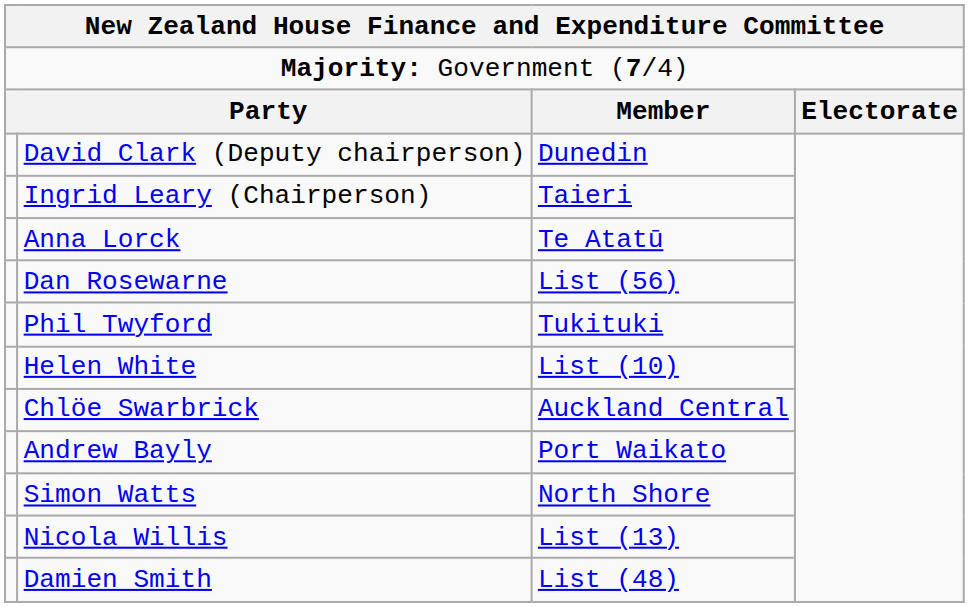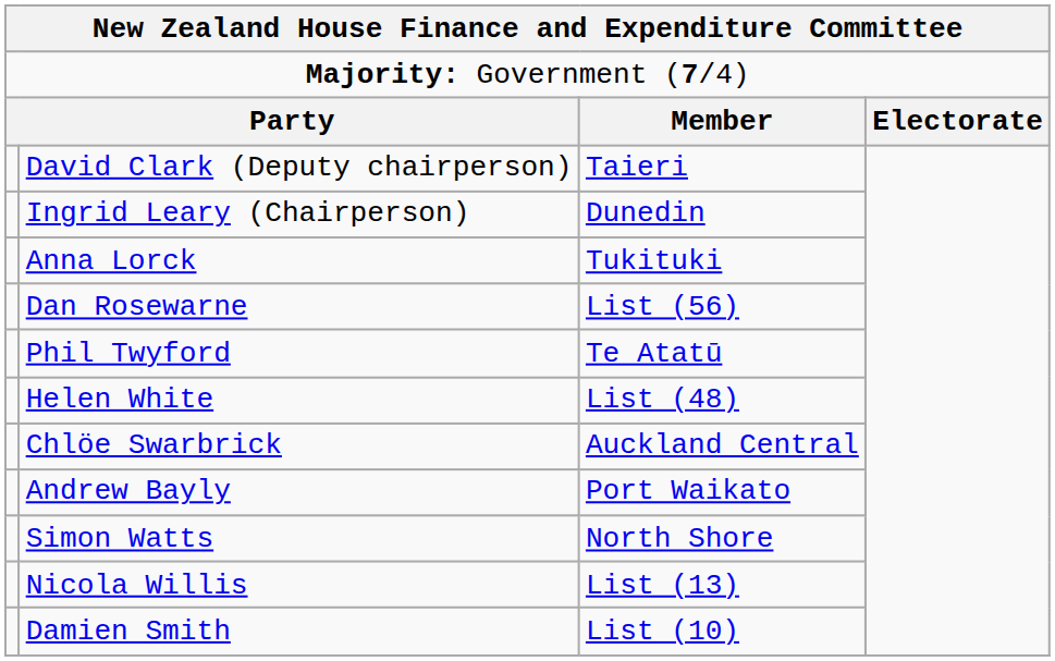 <table class="wikitable">
 <tr>
 <th colspan="4">New Zealand House Finance and Expenditure Committee</th>
 </tr>
 <tr>
 <td colspan="4" style="text-align:center; background:"><strong>Majority:</strong> Government (<strong>7</strong>/4)</td>
 </tr>
 <tr>
 <th colspan="2">Party</th>
 <th>Member</th>
 <th>Electorate</th>
 </tr>
 <tr>
 <td></td>
 <td><a href='#'>David Clark</a> (Deputy chairperson)</td>
+<td><a href='#'>Taieri</a></td>
+</tr>
+<tr>
+<td></td>
+<td><a href='#'>Ingrid Leary</a> (Chairperson)</td>
 <td><a href='#'>Dunedin</a></td>
 </tr>
 <tr>
 <td></td>
-<td><a href='#'>Ingrid Leary</a> (Chairperson)</td>
-<td><a href='#'>Taieri</a></td>
-</tr>
-<tr>
-<td></td>
 <td><a href='#'>Anna Lorck</a></td>
-<td><a href='#'>Te Atatū</a></td>
+<td><a href='#'>Tukituki</a></td>
 </tr>
 <tr>
 <td></td>
 <td><a href='#'>Dan Rosewarne</a></td>
 <td><a href='#'>List (56)</a></td>
 </tr>
 <tr>
 <td></td>
 <td><a href='#'>Phil Twyford</a></td>
-<td><a href='#'>Tukituki</a></td>
+<td><a href='#'>Te Atatū</a></td>
 </tr>
 <tr>
 <td></td>
 <td><a href='#'>Helen White</a></td>
-<td><a href='#'>List (10)</a></td>
+<td><a href='#'>List (48)</a></td>
 </tr>
 <tr>
 <td></td>
 <td><a href='#'>Chlöe Swarbrick</a></td>
 <td><a href='#'>Auckland Central</a></td>
 </tr>
 <tr>
 <td></td>
 <td><a href='#'>Andrew Bayly</a></td>
 <td><a href='#'>Port Waikato</a></td>
 </tr>
 <tr>
 <td></td>
 <td><a href='#'>Simon Watts</a></td>
 <td><a href='#'>North Shore</a></td>
 </tr>
 <tr>
 <td></td>
 <td><a href='#'>Nicola Willis</a></td>
 <td><a href='#'>List (13)</a></td>
 </tr>
 <tr>
 <td></td>
 <td><a href='#'>Damien Smith</a></td>
-<td><a href='#'>List (48)</a></td>
+<td><a href='#'>List (10)</a></td>
 </tr>
 </table>
